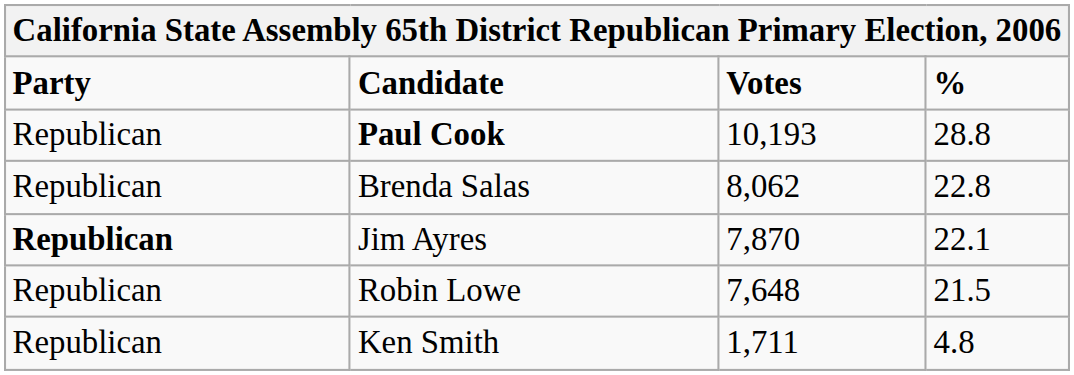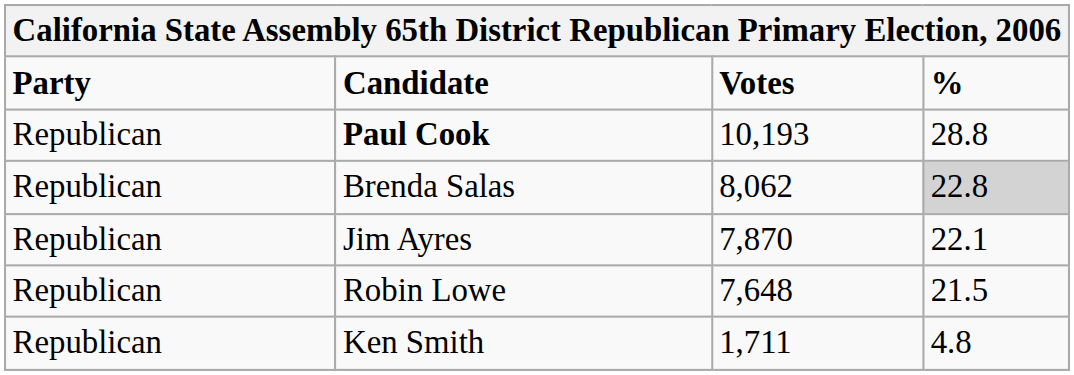 <table class="wikitable">
 <tr>
 <th colspan="4">California State Assembly 65th District Republican Primary Election, 2006</th>
 </tr>
 <tr>
 <td><strong>Party</strong></td>
 <td><strong>Candidate</strong></td>
 <td><strong>Votes</strong></td>
 <td><strong>%</strong></td>
 </tr>
 <tr>
 <td>Republican</td>
 <td><strong>Paul Cook</strong></td>
 <td>10,193</td>
 <td>28.8</td>
 </tr>
 <tr>
 <td>Republican</td>
 <td>Brenda Salas</td>
 <td>8,062</td>
-<td>22.8</td>
+<td style="background: lightgrey;">22.8</td>
 </tr>
 <tr>
-<td><strong>Republican</strong></td>
+<td>Republican</td>
 <td>Jim Ayres</td>
 <td>7,870</td>
 <td>22.1</td>
 </tr>
 <tr>
 <td>Republican</td>
 <td>Robin Lowe</td>
 <td>7,648</td>
 <td>21.5</td>
 </tr>
 <tr>
 <td>Republican</td>
 <td>Ken Smith</td>
 <td>1,711</td>
 <td>4.8</td>
 </tr>
 </table>
